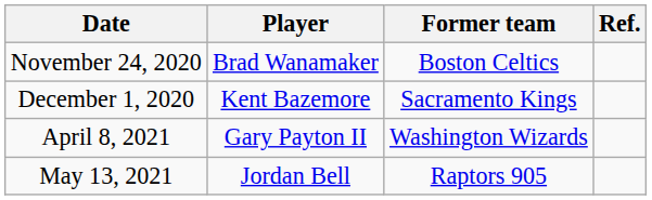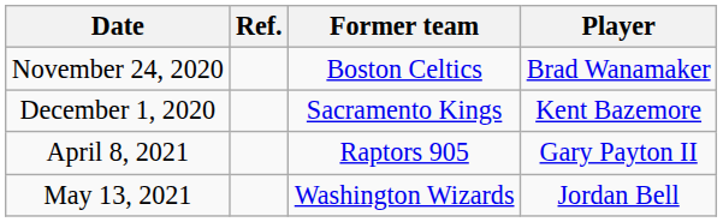 <table class="wikitable sortable sortable" style="text-align: center">
 <tr>
 <th>Date</th>
+<th>Ref.</th>
+<th>Former team</th>
 <th>Player</th>
-<th>Former team</th>
-<th>Ref.</th>
 </tr>
 <tr>
 <td>November 24, 2020</td>
+<td></td>
+<td><a href='#'>Boston Celtics</a></td>
 <td><a href='#'>Brad Wanamaker</a></td>
-<td><a href='#'>Boston Celtics</a></td>
-<td></td>
 </tr>
 <tr>
 <td>December 1, 2020</td>
+<td></td>
+<td><a href='#'>Sacramento Kings</a></td>
 <td><a href='#'>Kent Bazemore</a></td>
-<td><a href='#'>Sacramento Kings</a></td>
-<td></td>
 </tr>
 <tr>
 <td>April 8, 2021</td>
+<td></td>
+<td><a href='#'>Raptors 905</a></td>
 <td><a href='#'>Gary Payton II</a></td>
-<td><a href='#'>Washington Wizards</a></td>
-<td></td>
 </tr>
 <tr>
 <td>May 13, 2021</td>
+<td></td>
+<td><a href='#'>Washington Wizards</a></td>
 <td><a href='#'>Jordan Bell</a></td>
-<td><a href='#'>Raptors 905</a></td>
-<td></td>
 </tr>
 </table>
